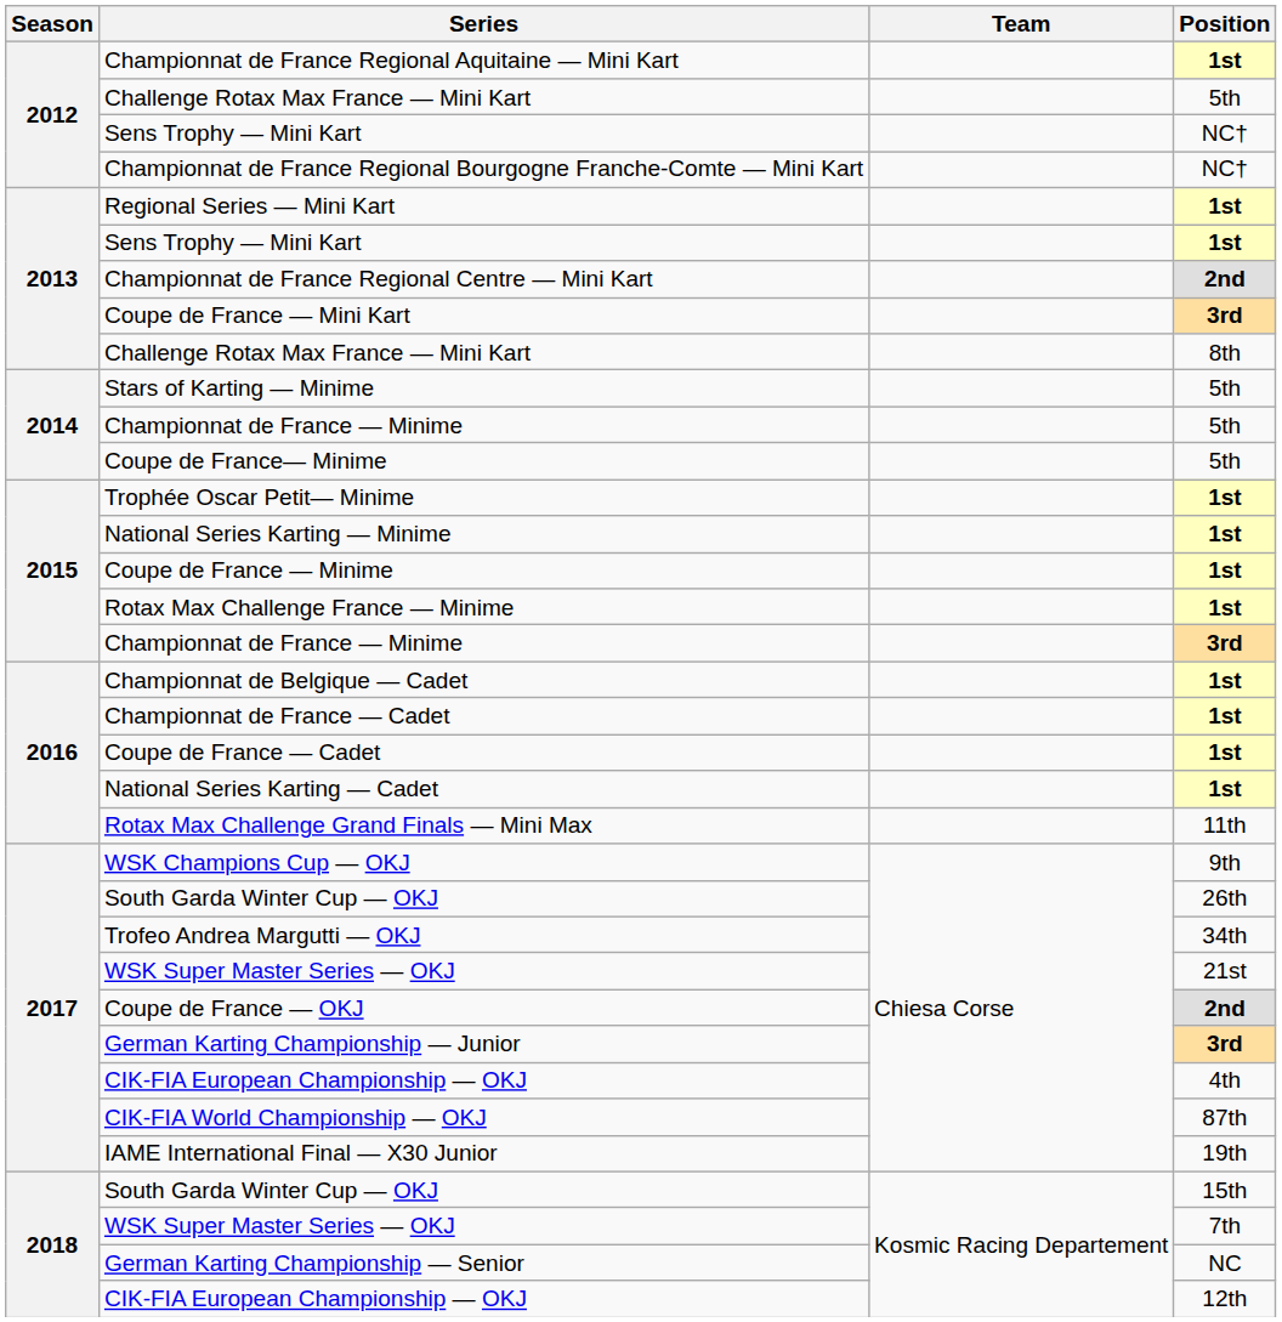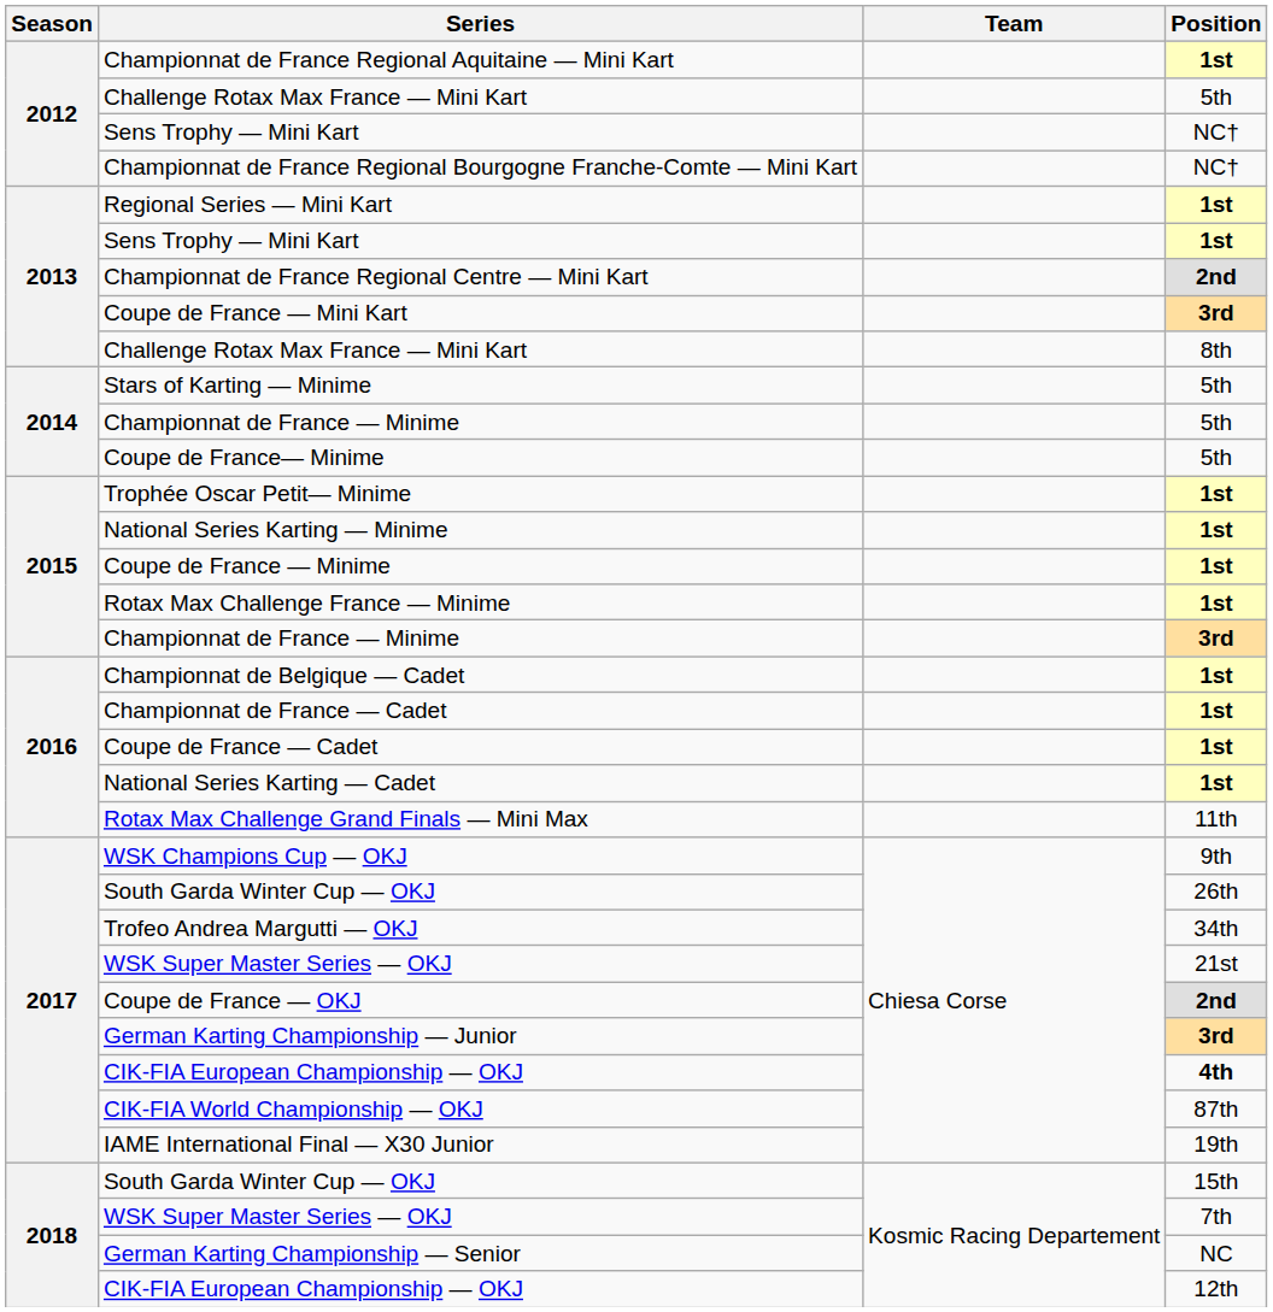 <table class="wikitable" style="font-size: 85%; text-align:center">
 <tr>
 <th>Season</th>
 <th>Series</th>
 <th>Team</th>
 <th>Position</th>
 </tr>
 <tr>
 <th rowspan="4">2012</th>
 <td align="left">Championnat de France Regional Aquitaine — Mini Kart</td>
 <td></td>
 <td style="background:#FFFFBF;"><strong>1st</strong></td>
 </tr>
 <tr>
 <td align="left">Challenge Rotax Max France — Mini Kart</td>
 <td></td>
 <td>5th</td>
 </tr>
 <tr>
 <td align="left">Sens Trophy — Mini Kart</td>
 <td></td>
 <td>NC†</td>
 </tr>
 <tr>
 <td align="left">Championnat de France Regional Bourgogne Franche-Comte — Mini Kart</td>
 <td></td>
 <td>NC†</td>
 </tr>
 <tr>
 <th rowspan="5">2013</th>
 <td align="left">Regional Series — Mini Kart</td>
 <td></td>
 <td style="background:#FFFFBF;"><strong>1st</strong></td>
 </tr>
 <tr>
 <td align="left">Sens Trophy — Mini Kart</td>
 <td></td>
 <td style="background:#FFFFBF;"><strong>1st</strong></td>
 </tr>
 <tr>
 <td align="left">Championnat de France Regional Centre — Mini Kart</td>
 <td></td>
 <td style="background:#DFDFDF;"><strong>2nd</strong></td>
 </tr>
 <tr>
 <td align="left">Coupe de France — Mini Kart</td>
 <td></td>
 <td style="background:#FFDF9F;"><strong>3rd</strong></td>
 </tr>
 <tr>
 <td align="left">Challenge Rotax Max France — Mini Kart</td>
 <td></td>
 <td>8th</td>
 </tr>
 <tr>
 <th rowspan="3">2014</th>
 <td align="left">Stars of Karting — Minime</td>
 <td></td>
 <td>5th</td>
 </tr>
 <tr>
 <td align="left">Championnat de France — Minime</td>
 <td align="left"></td>
 <td>5th</td>
 </tr>
 <tr>
 <td align="left">Coupe de France— Minime</td>
 <td></td>
 <td>5th</td>
 </tr>
 <tr>
 <th rowspan="5">2015</th>
 <td align="left">Trophée Oscar Petit— Minime</td>
 <td></td>
 <td style="background:#FFFFBF;"><strong>1st</strong></td>
 </tr>
 <tr>
 <td align="left">National Series Karting — Minime</td>
 <td align="left"></td>
 <td style="background:#FFFFBF;"><strong>1st</strong></td>
 </tr>
 <tr>
 <td align="left">Coupe de France — Minime</td>
 <td></td>
 <td style="background:#FFFFBF;"><strong>1st</strong></td>
 </tr>
 <tr>
 <td align="left">Rotax Max Challenge France — Minime</td>
 <td></td>
 <td style="background:#FFFFBF;"><strong>1st</strong></td>
 </tr>
 <tr>
 <td align="left">Championnat de France — Minime</td>
 <td align="left"></td>
 <td style="background:#FFDF9F;"><strong>3rd</strong></td>
 </tr>
 <tr>
 <th rowspan="5">2016</th>
 <td align="left">Championnat de Belgique — Cadet</td>
 <td></td>
 <td style="background:#FFFFBF;"><strong>1st</strong></td>
 </tr>
 <tr>
 <td align="left">Championnat de France — Cadet</td>
 <td></td>
 <td style="background:#FFFFBF;"><strong>1st</strong></td>
 </tr>
 <tr>
 <td align="left">Coupe de France — Cadet</td>
 <td></td>
 <td style="background:#FFFFBF;"><strong>1st</strong></td>
 </tr>
 <tr>
 <td align="left">National Series Karting — Cadet</td>
 <td></td>
 <td style="background:#FFFFBF;"><strong>1st</strong></td>
 </tr>
 <tr>
 <td align="left"><a href='#'>Rotax Max Challenge Grand Finals</a> — Mini Max</td>
 <td align="left"></td>
 <td>11th</td>
 </tr>
 <tr>
 <th rowspan="9">2017</th>
 <td align="left"><a href='#'>WSK Champions Cup</a> — <a href='#'>OKJ</a></td>
 <td rowspan="9" align="left">Chiesa Corse</td>
 <td>9th</td>
 </tr>
 <tr>
 <td align="left">South Garda Winter Cup — <a href='#'>OKJ</a></td>
 <td>26th</td>
 </tr>
 <tr>
 <td align="left">Trofeo Andrea Margutti — <a href='#'>OKJ</a></td>
 <td>34th</td>
 </tr>
 <tr>
 <td align="left"><a href='#'>WSK Super Master Series</a> — <a href='#'>OKJ</a></td>
 <td>21st</td>
 </tr>
 <tr>
 <td align="left">Coupe de France — <a href='#'>OKJ</a></td>
 <td style="background:#DFDFDF;"><strong>2nd</strong></td>
 </tr>
 <tr>
 <td align="left"><a href='#'>German Karting Championship</a> — Junior</td>
 <td style="background:#FFDF9F;"><strong>3rd</strong></td>
 </tr>
 <tr>
 <td align="left"><a href='#'>CIK-FIA European Championship</a> — <a href='#'>OKJ</a></td>
-<td>4th</td>
+<td><strong>4th</strong></td>
 </tr>
 <tr>
 <td align="left"><a href='#'>CIK-FIA World Championship</a> — <a href='#'>OKJ</a></td>
 <td>87th</td>
 </tr>
 <tr>
 <td align="left">IAME International Final — X30 Junior</td>
 <td>19th</td>
 </tr>
 <tr>
 <th rowspan="4">2018</th>
 <td align="left">South Garda Winter Cup — <a href='#'>OKJ</a></td>
 <td rowspan="4">Kosmic Racing Departement</td>
 <td>15th</td>
 </tr>
 <tr>
 <td align="left"><a href='#'>WSK Super Master Series</a> — <a href='#'>OKJ</a></td>
 <td>7th</td>
 </tr>
 <tr>
 <td align="left"><a href='#'>German Karting Championship</a> — Senior</td>
 <td>NC</td>
 </tr>
 <tr>
 <td align="left"><a href='#'>CIK-FIA European Championship</a> — <a href='#'>OKJ</a></td>
 <td>12th</td>
 </tr>
 </table>
